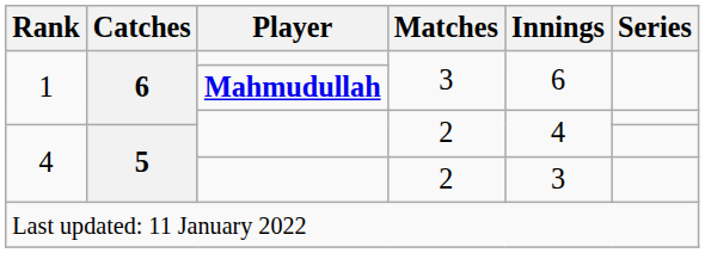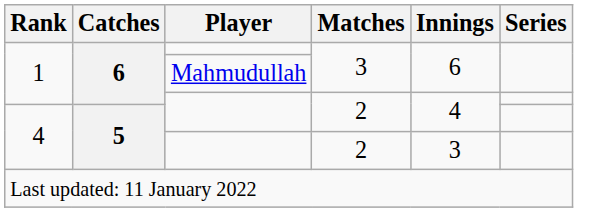 <table class="wikitable plainrowheaders sortable">
 <tr>
 <th scope=col>Rank</th>
 <th scope=col>Catches</th>
 <th scope=col>Player</th>
 <th scope=col>Matches</th>
 <th scope=col>Innings</th>
 <th scope=col>Series</th>
 </tr>
 <tr>
 <td align=center rowspan=3>1</td>
 <th scope=row style="text-align:center;" rowspan=3>6</th>
 <td> </td>
 <td align=center rowspan=2>3</td>
 <td align=center rowspan=2>6</td>
 <td rowspan=2></td>
 </tr>
 <tr>
-<td><strong><a href='#'>Mahmudullah</a></strong></td>
+<td><a href='#'>Mahmudullah</a></td>
 </tr>
 <tr>
 <td rowspan=2></td>
 <td align=center rowspan=2>2</td>
 <td align=center rowspan=2>4</td>
 <td></td>
 </tr>
 <tr>
 <td align=center rowspan=2>4</td>
 <th scope=row style="text-align:center;" rowspan=2>5</th>
 <td></td>
 </tr>
 <tr>
 <td></td>
 <td align=center>2</td>
 <td align=center>3</td>
 <td></td>
 </tr>
 <tr class=sortbottom>
 <td colspan=6><small>Last updated: 11 January 2022</small></td>
 </tr>
 </table>
